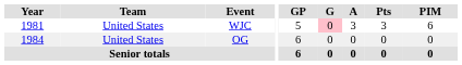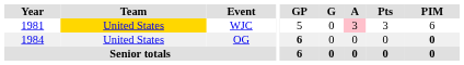 <table border="0" cellpadding="1" cellspacing="0" ID="Table3" style="text-align:center; width:40em">
 <tr bgcolor="#e0e0e0">
 <th>Year</th>
 <th>Team</th>
 <th>Event</th>
 <th rowspan="102" bgcolor="#ffffff"></th>
 <th>GP</th>
 <th>G</th>
 <th>A</th>
 <th>Pts</th>
 <th>PIM</th>
 </tr>
 <tr>
 <td><a href='#'>1981</a></td>
-<td><a href='#'>United States</a></td>
+<td style="background: gold;"><a href='#'>United States</a></td>
 <td><a href='#'>WJC</a></td>
 <td>5</td>
-<td style="background: pink;">0</td>
-<td>3</td>
+<td>0</td>
+<td style="background: pink;">3</td>
 <td>3</td>
 <td>6</td>
 </tr>
 <tr bgcolor="#f0f0f0">
 <td><a href='#'>1984</a></td>
 <td><a href='#'>United States</a></td>
 <td><a href='#'>OG</a></td>
-<td>6</td>
+<td><strong>6</strong></td>
 <td>0</td>
 <td>0</td>
 <td>0</td>
-<td>0</td>
+<td><strong>0</strong></td>
 </tr>
 <tr bgcolor="#e0e0e0">
 <th colspan="3">Senior totals</th>
 <th>6</th>
 <th>0</th>
 <th>0</th>
 <th>0</th>
 <th>0</th>
 </tr>
 </table>
